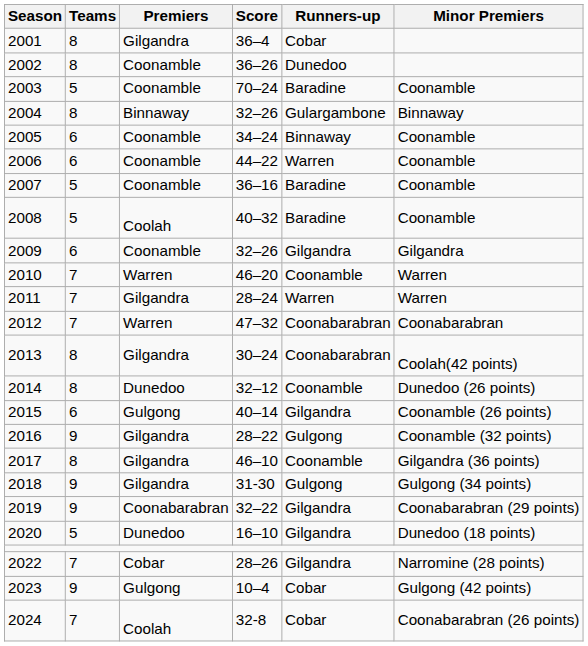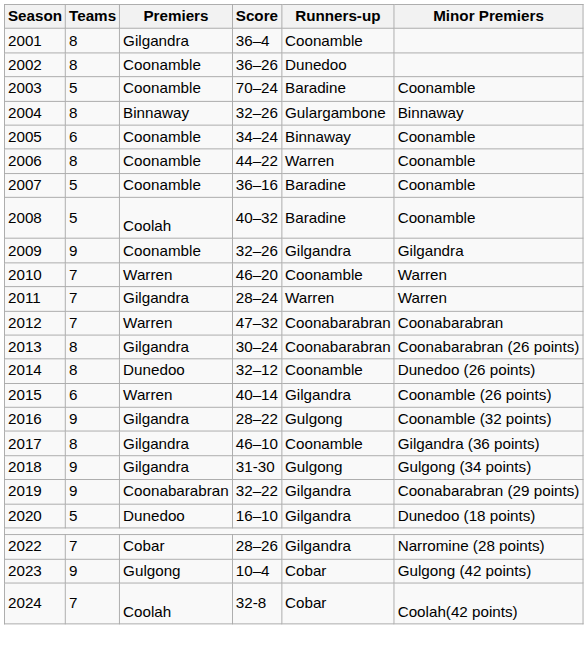 <table class="wikitable sortable">
 <tr>
 <th>Season</th>
 <th>Teams</th>
 <th>Premiers</th>
 <th>Score</th>
 <th>Runners-up</th>
 <th>Minor Premiers</th>
 </tr>
 <tr>
 <td>2001</td>
 <td>8</td>
 <td> Gilgandra</td>
 <td>36–4</td>
-<td> Cobar</td>
+<td> Coonamble</td>
 <td></td>
 </tr>
 <tr>
 <td>2002</td>
 <td>8</td>
 <td> Coonamble</td>
 <td>36–26</td>
 <td> Dunedoo</td>
 <td></td>
 </tr>
 <tr>
 <td>2003</td>
 <td>5</td>
 <td> Coonamble</td>
 <td>70–24</td>
 <td> Baradine</td>
 <td> Coonamble</td>
 </tr>
 <tr>
 <td>2004</td>
 <td>8</td>
 <td> Binnaway</td>
 <td>32–26</td>
 <td> Gulargambone</td>
 <td> Binnaway</td>
 </tr>
 <tr>
 <td>2005</td>
 <td>6</td>
 <td> Coonamble</td>
 <td>34–24</td>
 <td> Binnaway</td>
 <td> Coonamble</td>
 </tr>
 <tr>
 <td>2006</td>
-<td>6</td>
+<td>8</td>
 <td> Coonamble</td>
 <td>44–22</td>
 <td> Warren</td>
 <td> Coonamble</td>
 </tr>
 <tr>
 <td>2007</td>
 <td>5</td>
 <td> Coonamble</td>
 <td>36–16</td>
 <td> Baradine</td>
 <td> Coonamble</td>
 </tr>
 <tr>
 <td>2008</td>
 <td>5</td>
 <td><br> Coolah</td>
 <td>40–32</td>
 <td> Baradine</td>
 <td> Coonamble</td>
 </tr>
 <tr>
 <td>2009</td>
-<td>6</td>
+<td>9</td>
 <td> Coonamble</td>
 <td>32–26</td>
 <td> Gilgandra</td>
 <td> Gilgandra</td>
 </tr>
 <tr>
 <td>2010</td>
 <td>7</td>
 <td> Warren</td>
 <td>46–20</td>
 <td> Coonamble</td>
 <td> Warren</td>
 </tr>
 <tr>
 <td>2011</td>
 <td>7</td>
 <td> Gilgandra</td>
 <td>28–24</td>
 <td> Warren</td>
 <td> Warren</td>
 </tr>
 <tr>
 <td>2012</td>
 <td>7</td>
 <td> Warren</td>
 <td>47–32</td>
 <td> Coonabarabran</td>
 <td> Coonabarabran</td>
 </tr>
 <tr>
 <td>2013</td>
 <td>8</td>
 <td> Gilgandra</td>
 <td>30–24</td>
 <td> Coonabarabran</td>
-<td><br> Coolah(42 points)</td>
+<td> Coonabarabran (26 points)</td>
 </tr>
 <tr>
 <td>2014</td>
 <td>8</td>
 <td> Dunedoo</td>
 <td>32–12</td>
 <td> Coonamble</td>
 <td> Dunedoo (26 points)</td>
 </tr>
 <tr>
 <td>2015</td>
 <td>6</td>
-<td> Gulgong</td>
+<td> Warren</td>
 <td>40–14</td>
 <td> Gilgandra</td>
 <td> Coonamble (26 points)</td>
 </tr>
 <tr>
 <td>2016</td>
 <td>9</td>
 <td> Gilgandra</td>
 <td>28–22</td>
 <td> Gulgong</td>
 <td> Coonamble (32 points)</td>
 </tr>
 <tr>
 <td>2017</td>
 <td>8</td>
 <td> Gilgandra</td>
 <td>46–10</td>
 <td> Coonamble</td>
 <td> Gilgandra (36 points)</td>
 </tr>
 <tr>
 <td>2018</td>
 <td>9</td>
 <td> Gilgandra</td>
 <td>31-30</td>
 <td> Gulgong</td>
 <td> Gulgong (34 points)</td>
 </tr>
 <tr>
 <td>2019</td>
 <td>9</td>
 <td> Coonabarabran</td>
 <td>32–22</td>
 <td> Gilgandra</td>
 <td> Coonabarabran (29 points)</td>
 </tr>
 <tr>
 <td>2020</td>
 <td>5</td>
 <td> Dunedoo</td>
 <td>16–10</td>
 <td> Gilgandra</td>
 <td> Dunedoo (18 points)</td>
 </tr>
 <tr>
 <td colspan="6"></td>
 </tr>
 <tr>
 <td>2022</td>
 <td>7</td>
 <td> Cobar</td>
 <td>28–26</td>
 <td> Gilgandra</td>
 <td> Narromine (28 points)</td>
 </tr>
 <tr>
 <td>2023</td>
 <td>9</td>
 <td> Gulgong</td>
 <td>10–4</td>
 <td> Cobar</td>
 <td> Gulgong (42 points)</td>
 </tr>
 <tr>
 <td>2024</td>
 <td>7</td>
 <td><br> Coolah</td>
 <td>32-8</td>
 <td> Cobar</td>
-<td> Coonabarabran (26 points)</td>
+<td><br> Coolah(42 points)</td>
 </tr>
 </table>
